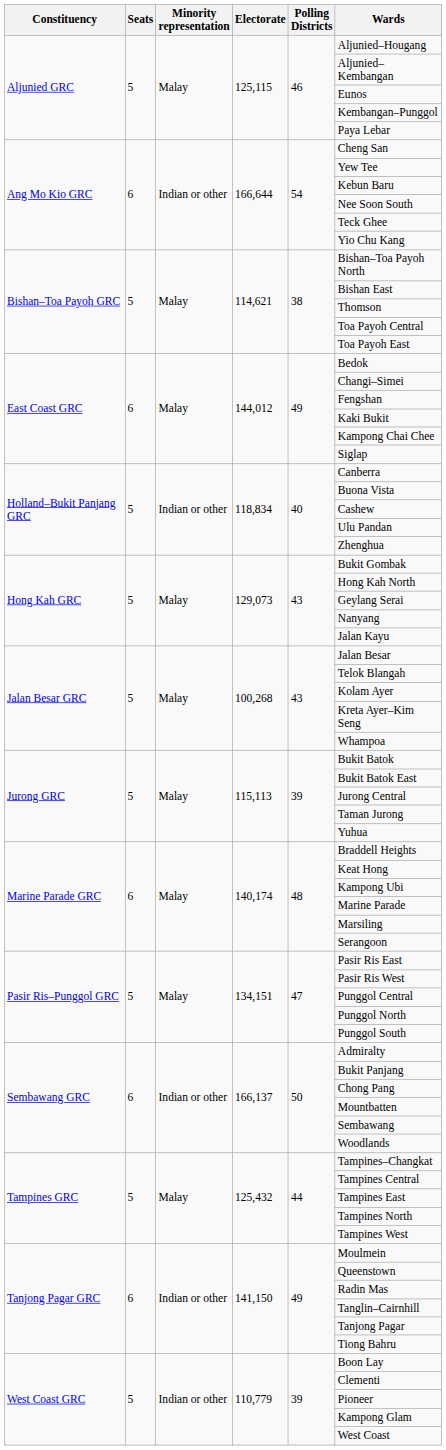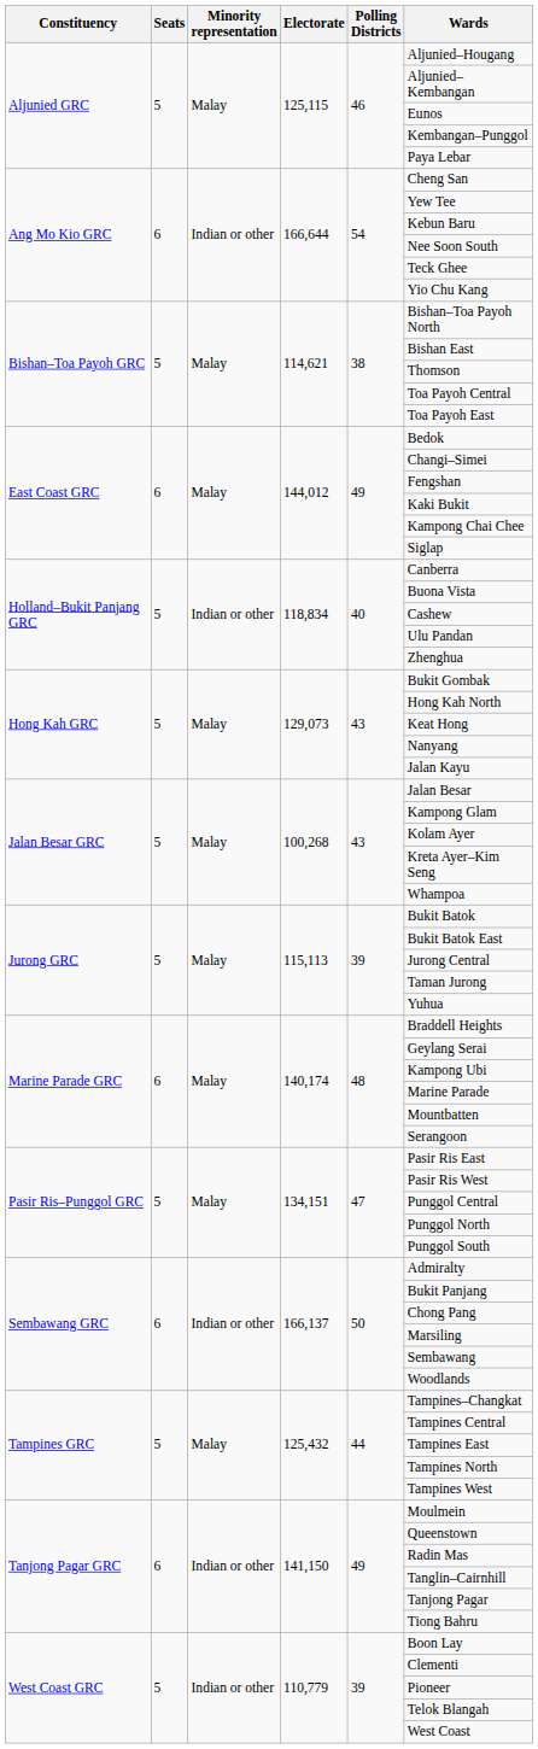 <table class="wikitable">
 <tr>
 <th>Constituency</th>
 <th>Seats</th>
 <th>Minority<br>representation</th>
 <th>Electorate</th>
 <th>Polling<br>Districts</th>
 <th>Wards</th>
 </tr>
 <tr>
 <td rowspan="5"><a href='#'>Aljunied GRC</a></td>
 <td rowspan="5">5</td>
 <td rowspan="5">Malay</td>
 <td rowspan="5">125,115</td>
 <td rowspan="5">46</td>
 <td>Aljunied–Hougang</td>
 </tr>
 <tr>
 <td>Aljunied–Kembangan</td>
 </tr>
 <tr>
 <td>Eunos</td>
 </tr>
 <tr>
 <td>Kembangan–Punggol</td>
 </tr>
 <tr>
 <td>Paya Lebar</td>
 </tr>
 <tr>
 <td rowspan="6"><a href='#'>Ang Mo Kio GRC</a></td>
 <td rowspan="6">6</td>
 <td rowspan="6">Indian or other</td>
 <td rowspan="6">166,644</td>
 <td rowspan="6">54</td>
 <td>Cheng San</td>
 </tr>
 <tr>
 <td>Yew Tee</td>
 </tr>
 <tr>
 <td>Kebun Baru</td>
 </tr>
 <tr>
 <td>Nee Soon South</td>
 </tr>
 <tr>
 <td>Teck Ghee</td>
 </tr>
 <tr>
 <td>Yio Chu Kang</td>
 </tr>
 <tr>
 <td rowspan="5"><a href='#'>Bishan–Toa Payoh GRC</a></td>
 <td rowspan="5">5</td>
 <td rowspan="5">Malay</td>
 <td rowspan="5">114,621</td>
 <td rowspan="5">38</td>
 <td>Bishan–Toa Payoh North</td>
 </tr>
 <tr>
 <td>Bishan East</td>
 </tr>
 <tr>
 <td>Thomson</td>
 </tr>
 <tr>
 <td>Toa Payoh Central</td>
 </tr>
 <tr>
 <td>Toa Payoh East</td>
 </tr>
 <tr>
 <td rowspan="6"><a href='#'>East Coast GRC</a></td>
 <td rowspan="6">6</td>
 <td rowspan="6">Malay</td>
 <td rowspan="6">144,012</td>
 <td rowspan="6">49</td>
 <td>Bedok</td>
 </tr>
 <tr>
 <td>Changi–Simei</td>
 </tr>
 <tr>
 <td>Fengshan</td>
 </tr>
 <tr>
 <td>Kaki Bukit</td>
 </tr>
 <tr>
 <td>Kampong Chai Chee</td>
 </tr>
 <tr>
 <td>Siglap</td>
 </tr>
 <tr>
 <td rowspan="5"><a href='#'>Holland–Bukit Panjang GRC</a></td>
 <td rowspan="5">5</td>
 <td rowspan="5">Indian or other</td>
 <td rowspan="5">118,834</td>
 <td rowspan="5">40</td>
 <td>Canberra</td>
 </tr>
 <tr>
 <td>Buona Vista</td>
 </tr>
 <tr>
 <td>Cashew</td>
 </tr>
 <tr>
 <td>Ulu Pandan</td>
 </tr>
 <tr>
 <td>Zhenghua</td>
 </tr>
 <tr>
 <td rowspan="5"><a href='#'>Hong Kah GRC</a></td>
 <td rowspan="5">5</td>
 <td rowspan="5">Malay</td>
 <td rowspan="5">129,073</td>
 <td rowspan="5">43</td>
 <td>Bukit Gombak</td>
 </tr>
 <tr>
 <td>Hong Kah North</td>
 </tr>
 <tr>
-<td>Geylang Serai</td>
+<td>Keat Hong</td>
 </tr>
 <tr>
 <td>Nanyang</td>
 </tr>
 <tr>
 <td>Jalan Kayu</td>
 </tr>
 <tr>
 <td rowspan="5"><a href='#'>Jalan Besar GRC</a></td>
 <td rowspan="5">5</td>
 <td rowspan="5">Malay</td>
 <td rowspan="5">100,268</td>
 <td rowspan="5">43</td>
 <td>Jalan Besar</td>
 </tr>
 <tr>
-<td>Telok Blangah</td>
+<td>Kampong Glam</td>
 </tr>
 <tr>
 <td>Kolam Ayer</td>
 </tr>
 <tr>
 <td>Kreta Ayer–Kim Seng</td>
 </tr>
 <tr>
 <td>Whampoa</td>
 </tr>
 <tr>
 <td rowspan="5"><a href='#'>Jurong GRC</a></td>
 <td rowspan="5">5</td>
 <td rowspan="5">Malay</td>
 <td rowspan="5">115,113</td>
 <td rowspan="5">39</td>
 <td>Bukit Batok</td>
 </tr>
 <tr>
 <td>Bukit Batok East</td>
 </tr>
 <tr>
 <td>Jurong Central</td>
 </tr>
 <tr>
 <td>Taman Jurong</td>
 </tr>
 <tr>
 <td>Yuhua</td>
 </tr>
 <tr>
 <td rowspan="6"><a href='#'>Marine Parade GRC</a></td>
 <td rowspan="6">6</td>
 <td rowspan="6">Malay</td>
 <td rowspan="6">140,174</td>
 <td rowspan="6">48</td>
 <td>Braddell Heights</td>
 </tr>
 <tr>
-<td>Keat Hong</td>
+<td>Geylang Serai</td>
 </tr>
 <tr>
 <td>Kampong Ubi</td>
 </tr>
 <tr>
 <td>Marine Parade</td>
 </tr>
 <tr>
-<td>Marsiling</td>
+<td>Mountbatten</td>
 </tr>
 <tr>
 <td>Serangoon</td>
 </tr>
 <tr>
 <td rowspan="5"><a href='#'>Pasir Ris–Punggol GRC</a></td>
 <td rowspan="5">5</td>
 <td rowspan="5">Malay</td>
 <td rowspan="5">134,151</td>
 <td rowspan="5">47</td>
 <td>Pasir Ris East</td>
 </tr>
 <tr>
 <td>Pasir Ris West</td>
 </tr>
 <tr>
 <td>Punggol Central</td>
 </tr>
 <tr>
 <td>Punggol North</td>
 </tr>
 <tr>
 <td>Punggol South</td>
 </tr>
 <tr>
 <td rowspan="6"><a href='#'>Sembawang GRC</a></td>
 <td rowspan="6">6</td>
 <td rowspan="6">Indian or other</td>
 <td rowspan="6">166,137</td>
 <td rowspan="6">50</td>
 <td>Admiralty</td>
 </tr>
 <tr>
 <td>Bukit Panjang</td>
 </tr>
 <tr>
 <td>Chong Pang</td>
 </tr>
 <tr>
-<td>Mountbatten</td>
+<td>Marsiling</td>
 </tr>
 <tr>
 <td>Sembawang</td>
 </tr>
 <tr>
 <td>Woodlands</td>
 </tr>
 <tr>
 <td rowspan="5"><a href='#'>Tampines GRC</a></td>
 <td rowspan="5">5</td>
 <td rowspan="5">Malay</td>
 <td rowspan="5">125,432</td>
 <td rowspan="5">44</td>
 <td>Tampines–Changkat</td>
 </tr>
 <tr>
 <td>Tampines Central</td>
 </tr>
 <tr>
 <td>Tampines East</td>
 </tr>
 <tr>
 <td>Tampines North</td>
 </tr>
 <tr>
 <td>Tampines West</td>
 </tr>
 <tr>
 <td rowspan="6"><a href='#'>Tanjong Pagar GRC</a></td>
 <td rowspan="6">6</td>
 <td rowspan="6">Indian or other</td>
 <td rowspan="6">141,150</td>
 <td rowspan="6">49</td>
 <td>Moulmein</td>
 </tr>
 <tr>
 <td>Queenstown</td>
 </tr>
 <tr>
 <td>Radin Mas</td>
 </tr>
 <tr>
 <td>Tanglin–Cairnhill</td>
 </tr>
 <tr>
 <td>Tanjong Pagar</td>
 </tr>
 <tr>
 <td>Tiong Bahru</td>
 </tr>
 <tr>
 <td rowspan="5"><a href='#'>West Coast GRC</a></td>
 <td rowspan="5">5</td>
 <td rowspan="5">Indian or other</td>
 <td rowspan="5">110,779</td>
 <td rowspan="5">39</td>
 <td>Boon Lay</td>
 </tr>
 <tr>
 <td>Clementi</td>
 </tr>
 <tr>
 <td>Pioneer</td>
 </tr>
 <tr>
-<td>Kampong Glam</td>
+<td>Telok Blangah</td>
 </tr>
 <tr>
 <td>West Coast</td>
 </tr>
 </table>
